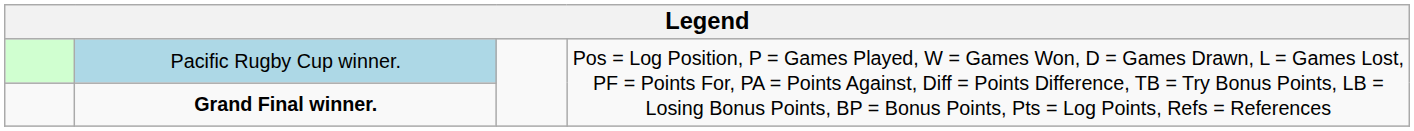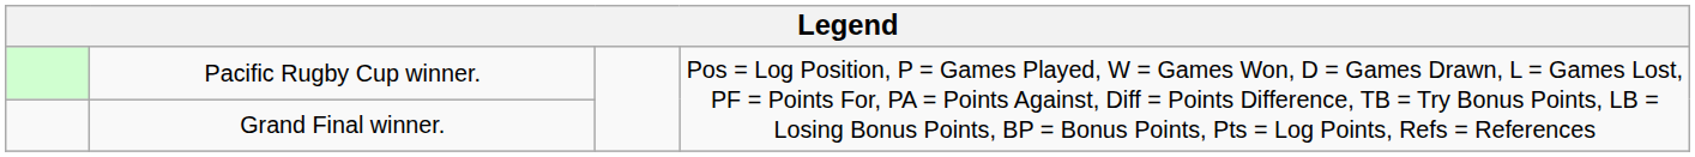 <table class="wikitable" style="text-align:center; line-height:100%; font-size:100%; width:60%;">
 <tr>
 <th colspan="4" style="border:0px">Legend</th>
 </tr>
 <tr>
 <td style="height:10px; width:5%; background:#d0ffd0;"></td>
-<td style="background: lightblue; width:30%;"><small>Pacific Rugby Cup winner.</small></td>
+<td style="width:30%;"><small>Pacific Rugby Cup winner.</small></td>
 <td rowspan="2" style="width:5%;"></td>
 <td rowspan="2" style="width:60%;"><small>Pos = Log Position, P = Games Played, W = Games Won, D = Games Drawn, L = Games Lost, PF = Points For, PA = Points Against, Diff = Points Difference, TB = Try Bonus Points, LB = Losing Bonus Points, BP = Bonus Points, Pts = Log Points, Refs = References</small></td>
 </tr>
 <tr>
 <td style="height:10px;"></td>
-<td><strong><small>Grand Final winner.</small></strong></td>
+<td><small>Grand Final winner.</small></td>
 </tr>
 </table>
